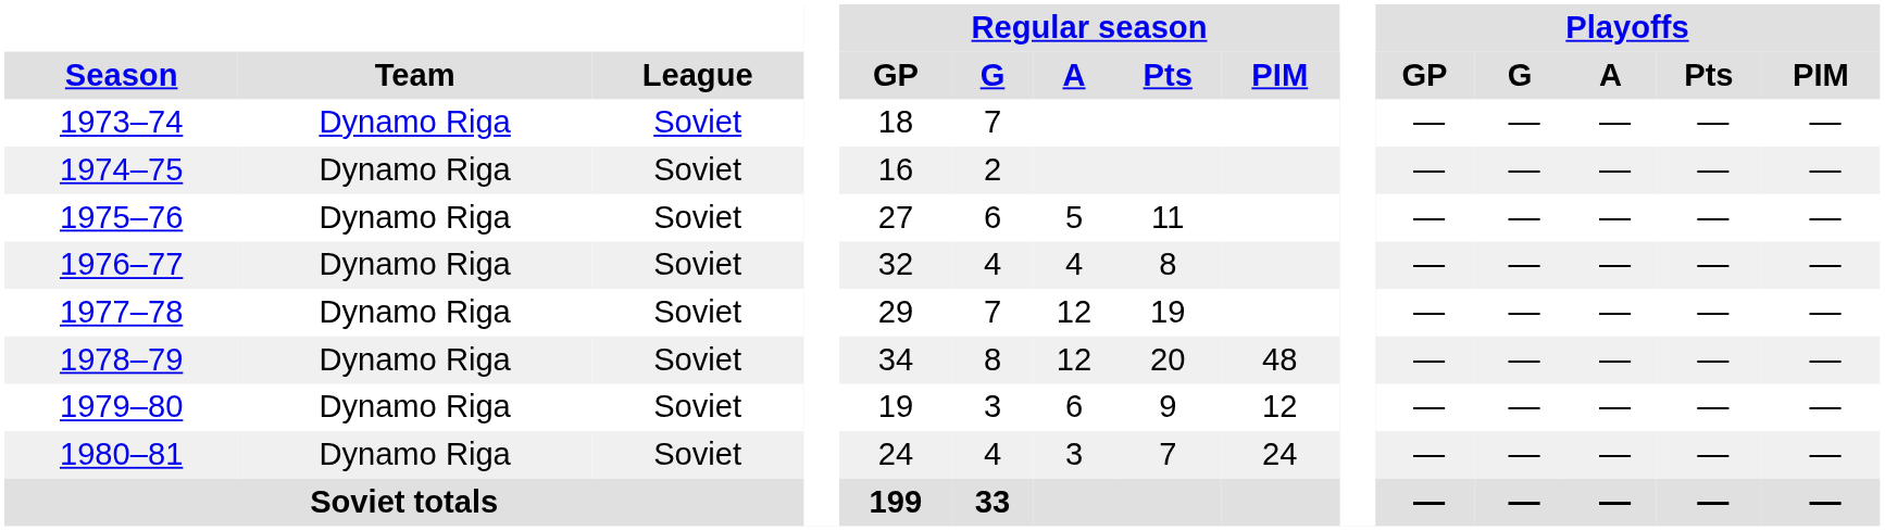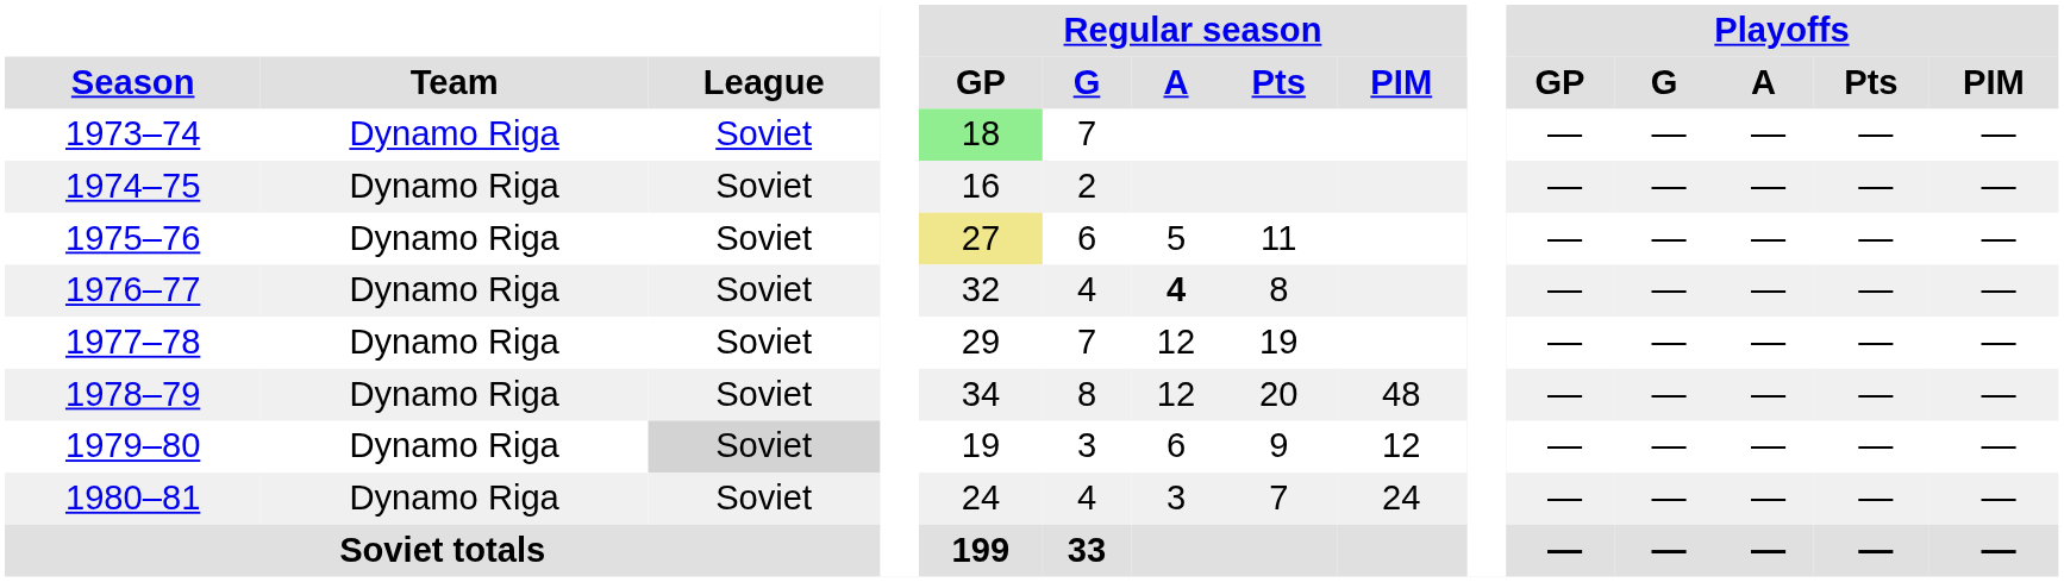 <table border="0" cellpadding="3" cellspacing="0"  style="width:75%; text-align:center;">
 <tr style="background:#e0e0e0;">
 <th colspan="3" style="background:#fff;"> </th>
 <th rowspan="99" style="background:#fff;"> </th>
 <th colspan="5"><a href='#'>Regular season</a></th>
 <th rowspan="99" style="background:#fff;"> </th>
 <th colspan="5"><a href='#'>Playoffs</a></th>
 </tr>
 <tr style="background:#e0e0e0;">
 <th><a href='#'>Season</a></th>
 <th>Team</th>
 <th>League</th>
 <th>GP</th>
 <th><a href='#'>G</a></th>
 <th><a href='#'>A</a></th>
 <th><a href='#'>Pts</a></th>
 <th><a href='#'>PIM</a></th>
 <th>GP</th>
 <th>G</th>
 <th>A</th>
 <th>Pts</th>
 <th>PIM</th>
 </tr>
 <tr ALIGN="center">
 <td ALIGN="center"><a href='#'>1973–74</a></td>
 <td ALIGN="center"><a href='#'>Dynamo Riga</a></td>
 <td ALIGN="center"><a href='#'>Soviet</a></td>
-<td ALIGN="center">18</td>
+<td ALIGN="center" style="background: lightgreen;">18</td>
 <td ALIGN="center">7</td>
 <td ALIGN="center"></td>
 <td ALIGN="center"></td>
 <td ALIGN="center"></td>
 <td> —</td>
 <td> —</td>
 <td> —</td>
 <td> —</td>
 <td> —</td>
 </tr>
 <tr ALIGN="center" bgcolor="#f0f0f0">
 <td ALIGN="center"><a href='#'>1974–75</a></td>
 <td ALIGN="center">Dynamo Riga</td>
 <td ALIGN="center">Soviet</td>
 <td ALIGN="center">16</td>
 <td ALIGN="center">2</td>
 <td ALIGN="center"></td>
 <td ALIGN="center"></td>
 <td ALIGN="center"></td>
 <td> —</td>
 <td> —</td>
 <td> —</td>
 <td> —</td>
 <td> —</td>
 </tr>
 <tr ALIGN="center">
 <td ALIGN="center"><a href='#'>1975–76</a></td>
 <td ALIGN="center">Dynamo Riga</td>
 <td ALIGN="center">Soviet</td>
-<td ALIGN="center">27</td>
+<td ALIGN="center" style="background: khaki;">27</td>
 <td ALIGN="center">6</td>
 <td ALIGN="center">5</td>
 <td ALIGN="center">11</td>
 <td ALIGN="center"></td>
 <td> —</td>
 <td> —</td>
 <td> —</td>
 <td> —</td>
 <td> —</td>
 </tr>
 <tr ALIGN="center" bgcolor="#f0f0f0">
 <td ALIGN="center"><a href='#'>1976–77</a></td>
 <td ALIGN="center">Dynamo Riga</td>
 <td ALIGN="center">Soviet</td>
 <td ALIGN="center">32</td>
 <td ALIGN="center">4</td>
-<td ALIGN="center">4</td>
+<td ALIGN="center"><strong>4</strong></td>
 <td ALIGN="center">8</td>
 <td ALIGN="center"></td>
 <td> —</td>
 <td> —</td>
 <td> —</td>
 <td> —</td>
 <td> —</td>
 </tr>
 <tr ALIGN="center">
 <td ALIGN="center"><a href='#'>1977–78</a></td>
 <td ALIGN="center">Dynamo Riga</td>
 <td ALIGN="center">Soviet</td>
 <td ALIGN="center">29</td>
 <td ALIGN="center">7</td>
 <td ALIGN="center">12</td>
 <td ALIGN="center">19</td>
 <td ALIGN="center"></td>
 <td> —</td>
 <td> —</td>
 <td> —</td>
 <td> —</td>
 <td> —</td>
 </tr>
 <tr ALIGN="center" bgcolor="#f0f0f0">
 <td ALIGN="center"><a href='#'>1978–79</a></td>
 <td ALIGN="center">Dynamo Riga</td>
 <td ALIGN="center">Soviet</td>
 <td ALIGN="center">34</td>
 <td ALIGN="center">8</td>
 <td ALIGN="center">12</td>
 <td ALIGN="center">20</td>
 <td ALIGN="center">48</td>
 <td> —</td>
 <td> —</td>
 <td> —</td>
 <td> —</td>
 <td> —</td>
 </tr>
 <tr ALIGN="center">
 <td ALIGN="center"><a href='#'>1979–80</a></td>
 <td ALIGN="center">Dynamo Riga</td>
-<td ALIGN="center">Soviet</td>
+<td ALIGN="center" style="background: lightgrey;">Soviet</td>
 <td ALIGN="center">19</td>
 <td ALIGN="center">3</td>
 <td ALIGN="center">6</td>
 <td ALIGN="center">9</td>
 <td ALIGN="center">12</td>
 <td> —</td>
 <td> —</td>
 <td> —</td>
 <td> —</td>
 <td> —</td>
 </tr>
 <tr ALIGN="center" bgcolor="#f0f0f0">
 <td ALIGN="center"><a href='#'>1980–81</a></td>
 <td ALIGN="center">Dynamo Riga</td>
 <td ALIGN="center">Soviet</td>
 <td ALIGN="center">24</td>
 <td ALIGN="center">4</td>
 <td ALIGN="center">3</td>
 <td ALIGN="center">7</td>
 <td ALIGN="center">24</td>
 <td> —</td>
 <td> —</td>
 <td> —</td>
 <td> —</td>
 <td> —</td>
 </tr>
 <tr ALIGN="center">
 </tr>
 <tr ALIGN="center" bgcolor="#e0e0e0">
 <th colspan="3">Soviet totals</th>
 <th ALIGN="center">199</th>
 <th ALIGN="center">33</th>
 <th ALIGN="center"></th>
 <th ALIGN="center"></th>
 <th ALIGN="center"></th>
 <th> —</th>
 <th> —</th>
 <th> —</th>
 <th> —</th>
 <th> —</th>
 </tr>
 </table>
